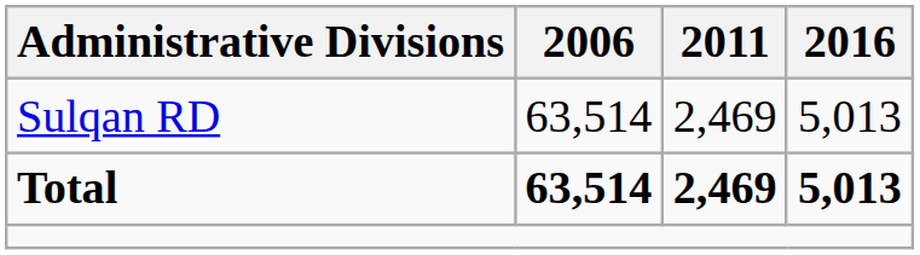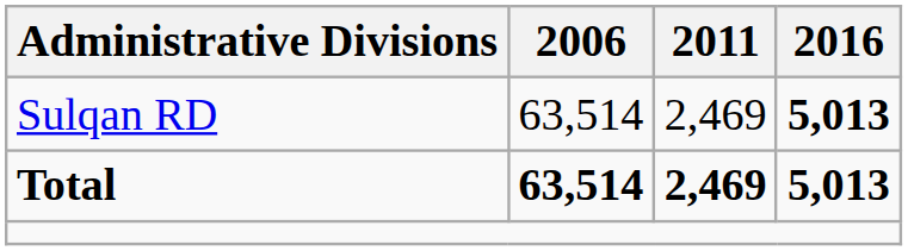 <table class="wikitable">
 <tr>
 <th>Administrative Divisions</th>
 <th>2006</th>
 <th>2011</th>
 <th>2016</th>
 </tr>
 <tr>
 <td><a href='#'>Sulqan RD</a></td>
 <td style="text-align: right;">63,514</td>
 <td style="text-align: right;">2,469</td>
-<td style="text-align: right;">5,013</td>
+<td style="text-align: right;"><strong>5,013</strong></td>
 </tr>
 <tr>
 <td><strong>Total</strong></td>
 <td style="text-align: right;"><strong>63,514</strong></td>
 <td style="text-align: right;"><strong>2,469</strong></td>
 <td style="text-align: right;"><strong>5,013</strong></td>
 </tr>
 <tr>
 <td colspan=4></td>
 </tr>
 </table>
